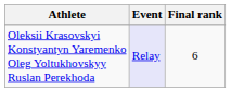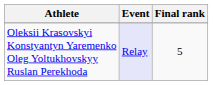 <table class="wikitable" style="font-size:90%">
 <tr>
 <th>Athlete</th>
 <th>Event</th>
 <th>Final rank</th>
 </tr>
 <tr style="font-size:95%">
 </tr>
 <tr align=center>
 <td align=left><a href='#'>Oleksii Krasovskyi</a><br><a href='#'>Konstyantyn Yaremenko</a><br><a href='#'>Oleg Yoltukhovskyy</a><br><a href='#'>Ruslan Perekhoda</a></td>
 <td align=left style="background: lavender;"><a href='#'>Relay</a></td>
-<td>6</td>
+<td>5</td>
 </tr>
 </table>
